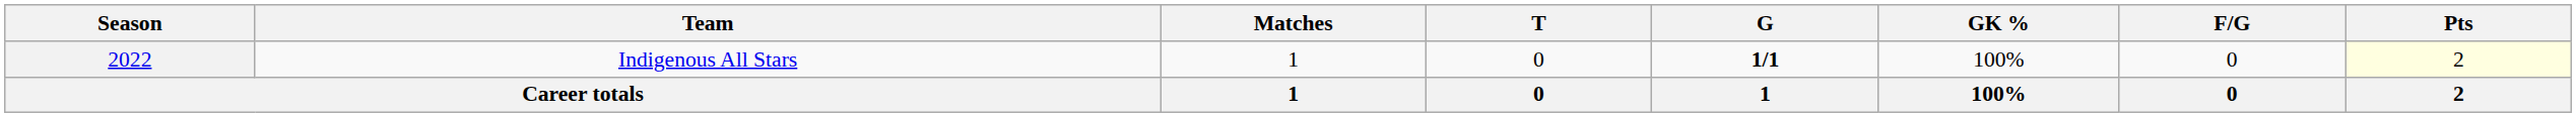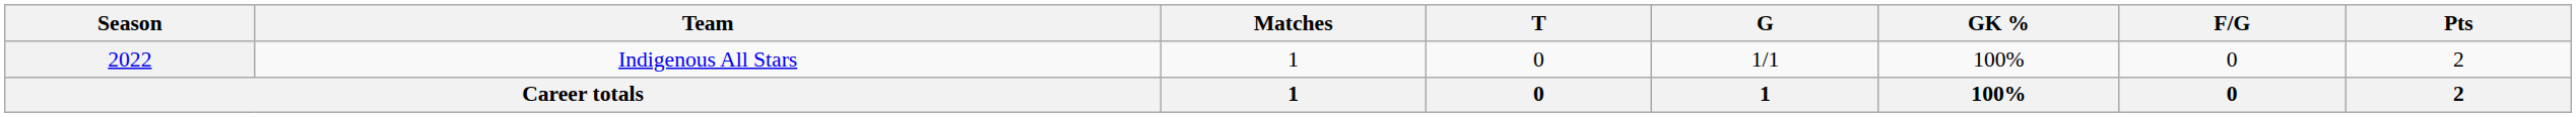 <table class="wikitable sortable"  style="font-size:90%; text-align:center; width:85%;">
 <tr>
 <th width=2%>Season</th>
 <th width=8%>Team</th>
 <th width=2%>Matches</th>
 <th width=2%>T</th>
 <th width=2%>G</th>
 <th width=2%>GK %</th>
 <th width=2%>F/G</th>
 <th width=2%>Pts</th>
 </tr>
 <tr>
 <th scope="row" style="text-align:center; font-weight:normal"><a href='#'>2022</a></th>
 <td style="text-align:center;"> <a href='#'>Indigenous All Stars</a></td>
 <td>1</td>
 <td>0</td>
-<td><strong>1/1</strong></td>
+<td>1/1</td>
 <td>100%</td>
 <td>0</td>
-<td style="background: lightyellow;">2</td>
+<td>2</td>
 </tr>
 <tr class="sortbottom">
 <th colspan=2>Career totals</th>
 <th>1</th>
 <th>0</th>
 <th>1</th>
 <th>100%</th>
 <th>0</th>
 <th>2</th>
 </tr>
 </table>
